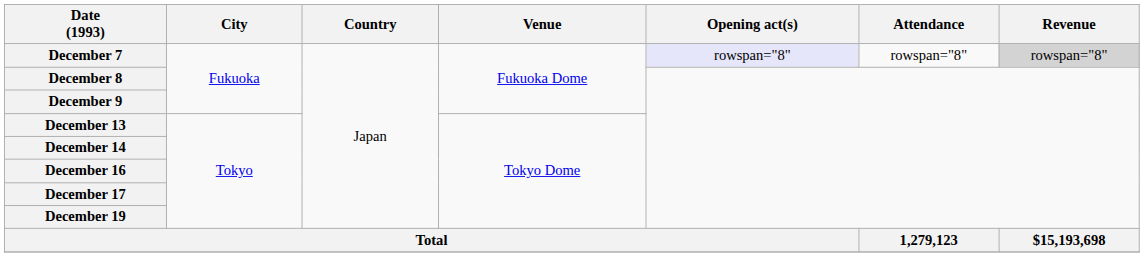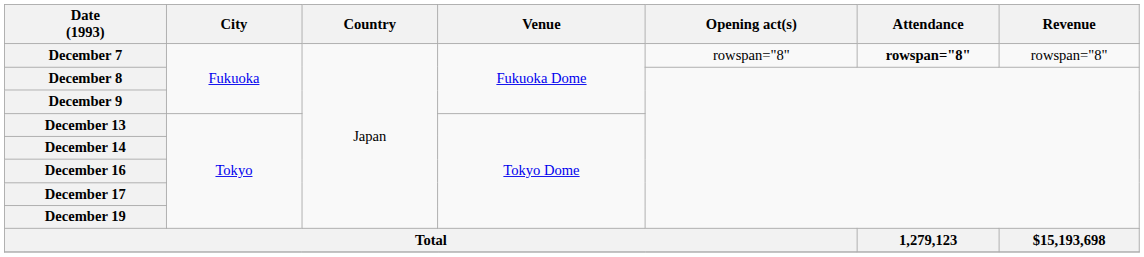 <table class="wikitable plainrowheaders" style="text-align:center;">
 <tr>
 <th scope="col" style="width:12em;">Date<br>(1993)</th>
 <th scope="col" style="width:10em;">City</th>
 <th scope="col" style="width:10em;">Country</th>
 <th scope="col" style="width:16em;">Venue</th>
 <th scope="col" style="width:16em;">Opening act(s)</th>
 <th scope="col" style="width:10em;">Attendance</th>
 <th scope="col" style="width:10em;">Revenue</th>
 </tr>
 <tr>
 <th scope="row" style="text-align:center;">December 7</th>
 <td rowspan="3"><a href='#'>Fukuoka</a></td>
 <td rowspan="8">Japan</td>
 <td rowspan="3"><a href='#'>Fukuoka Dome</a></td>
-<td style="background: lavender;">rowspan="8" </td>
 <td>rowspan="8" </td>
-<td style="background: lightgrey;">rowspan="8" </td>
+<td><strong>rowspan="8" </strong></td>
+<td>rowspan="8" </td>
 </tr>
 <tr>
 <th scope="row" style="text-align:center;">December 8</th>
 </tr>
 <tr>
 <th scope="row" style="text-align:center;">December 9</th>
 </tr>
 <tr>
 <th scope="row" style="text-align:center;">December 13</th>
 <td rowspan="5"><a href='#'>Tokyo</a></td>
 <td rowspan="5"><a href='#'>Tokyo Dome</a></td>
 </tr>
 <tr>
 <th scope="row" style="text-align:center;">December 14</th>
 </tr>
 <tr>
 <th scope="row" style="text-align:center;">December 16</th>
 </tr>
 <tr>
 <th scope="row" style="text-align:center;">December 17</th>
 </tr>
 <tr>
 <th scope="row" style="text-align:center;">December 19</th>
 </tr>
 <tr>
 <th colspan="5">Total</th>
 <th scope="row" style="text-align:center;"><strong>1,279,123</strong></th>
 <th scope="row" style="text-align:center;"><strong>$15,193,698</strong></th>
 </tr>
 <tr>
 </tr>
 </table>
